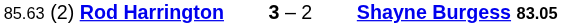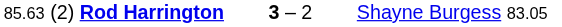 <table style="text-align:center">
 <tr>
 <th width=223></th>
 <th width=100></th>
 <th width=223></th>
 </tr>
 <tr>
 <td align=right><small>85.63</small> (2) <strong><a href='#'>Rod Harrington</a></strong> </td>
 <td><strong>3</strong> – 2</td>
-<td align=left><strong> <a href='#'>Shayne Burgess</a> <small>83.05</small></strong></td>
+<td align=left> <a href='#'>Shayne Burgess</a> <small>83.05</small></td>
 </tr>
 </table>
